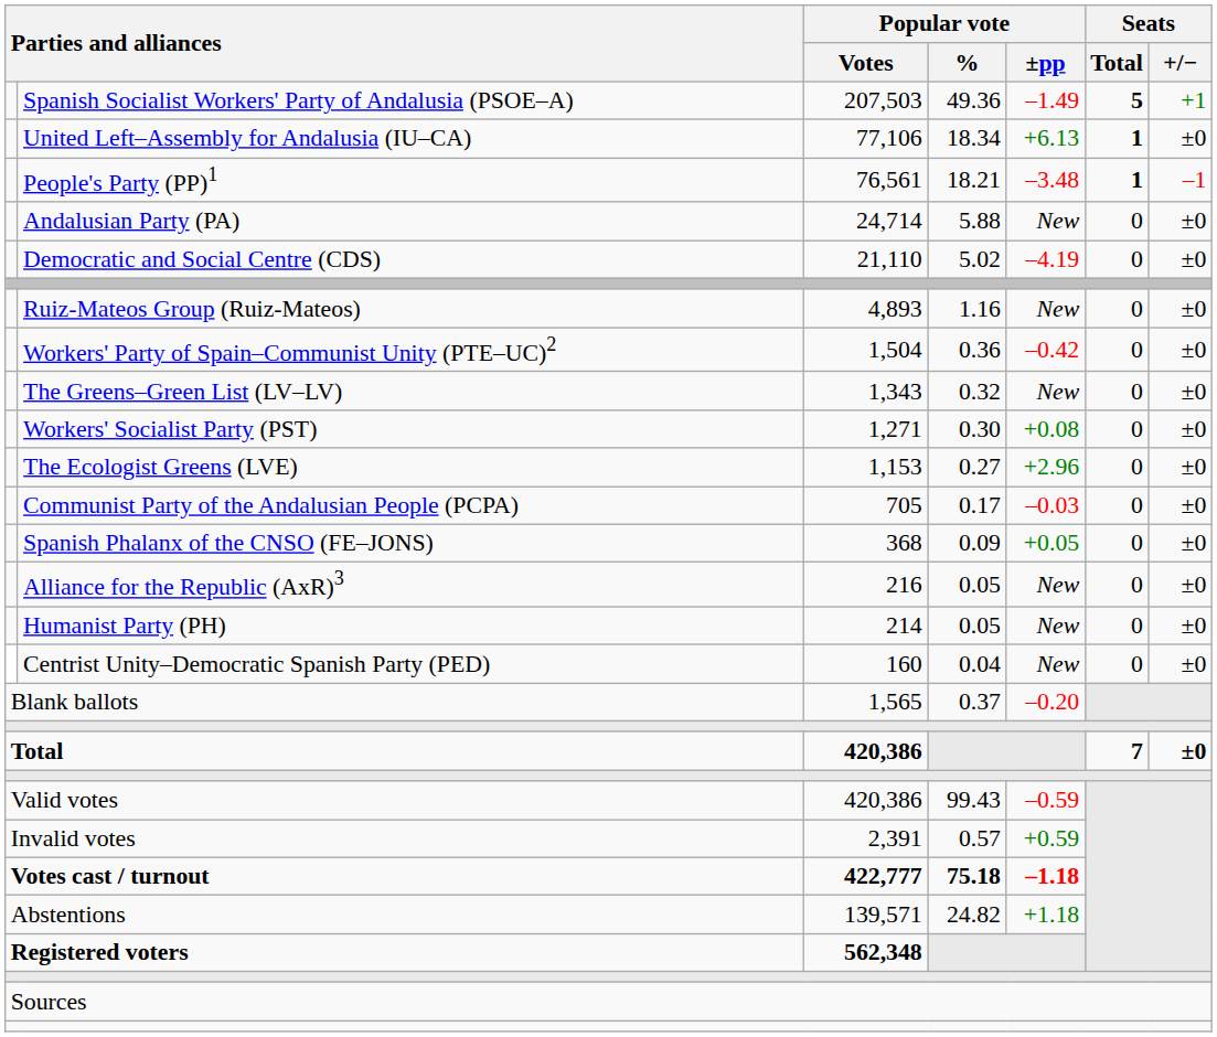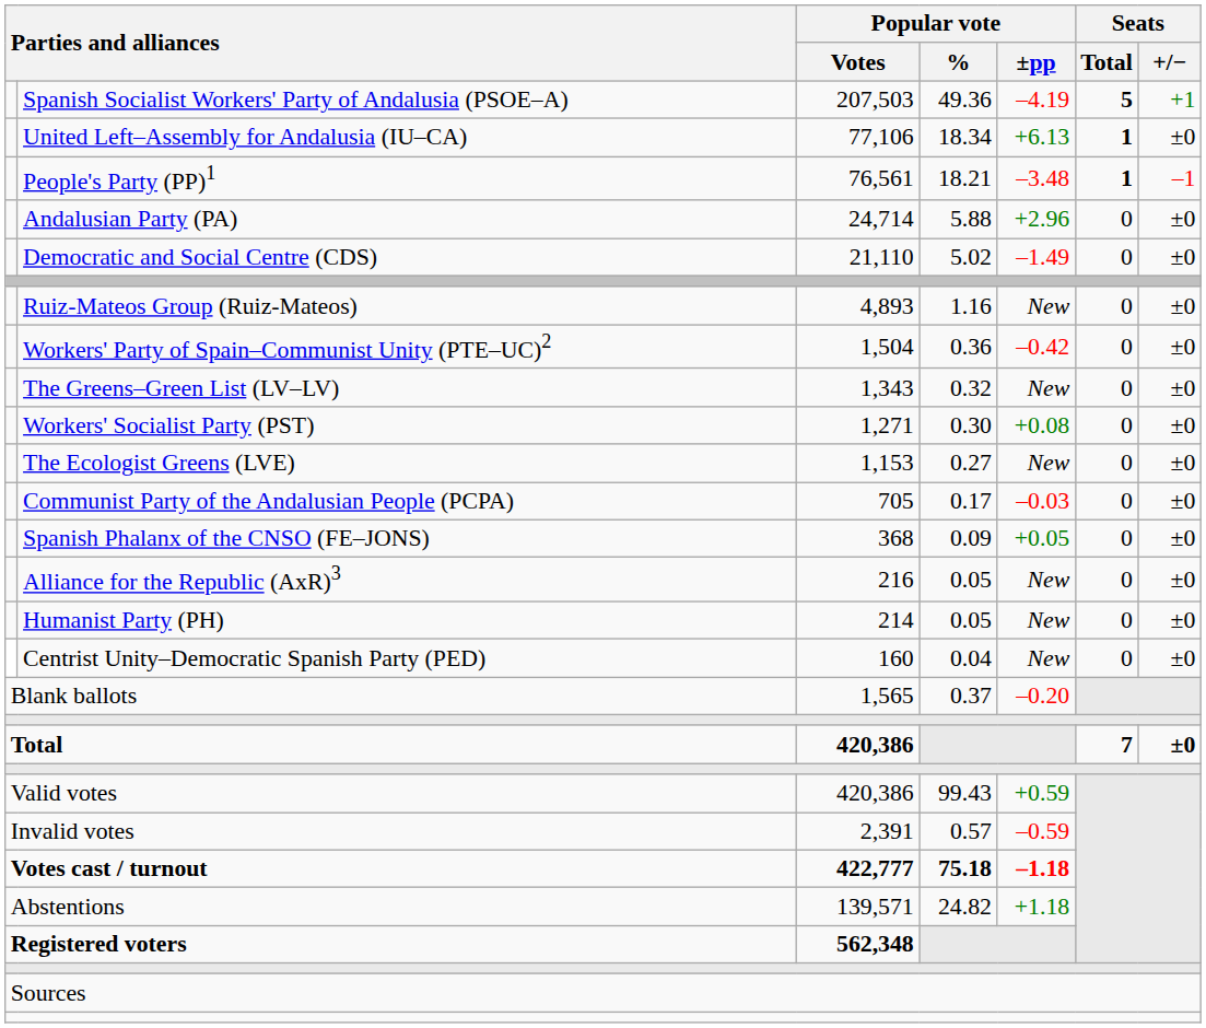 <table class="wikitable" style="text-align:right;">
 <tr>
 <th style="text-align:left;" rowspan="2" colspan="2" width="525">Parties and alliances</th>
 <th colspan="3">Popular vote</th>
 <th colspan="2">Seats</th>
 </tr>
 <tr>
 <th width="75">Votes</th>
 <th width="45">%</th>
 <th width="45">±<a href='#'>pp</a></th>
 <th width="35">Total</th>
 <th width="35">+/−</th>
 </tr>
 <tr>
 <td width="1" style="color:inherit;background:"></td>
 <td align="left"><a href='#'>Spanish Socialist Workers' Party of Andalusia</a> (PSOE–A)</td>
 <td>207,503</td>
 <td>49.36</td>
-<td style="color:red;">–1.49</td>
+<td style="color:red;">–4.19</td>
 <td><strong>5</strong></td>
 <td style="color:green;">+1</td>
 </tr>
 <tr>
 <td style="color:inherit;background:"></td>
 <td align="left"><a href='#'>United Left–Assembly for Andalusia</a> (IU–CA)</td>
 <td>77,106</td>
 <td>18.34</td>
 <td style="color:green;">+6.13</td>
 <td><strong>1</strong></td>
 <td>±0</td>
 </tr>
 <tr>
 <td style="color:inherit;background:"></td>
 <td align="left"><a href='#'>People's Party</a> (PP)<sup>1</sup></td>
 <td>76,561</td>
 <td>18.21</td>
 <td style="color:red;">–3.48</td>
 <td><strong>1</strong></td>
 <td style="color:red;">–1</td>
 </tr>
 <tr>
 <td style="color:inherit;background:"></td>
 <td align="left"><a href='#'>Andalusian Party</a> (PA)</td>
 <td>24,714</td>
 <td>5.88</td>
-<td><em>New</em></td>
+<td style="color:green;">+2.96</td>
 <td>0</td>
 <td>±0</td>
 </tr>
 <tr>
 <td style="color:inherit;background:"></td>
 <td align="left"><a href='#'>Democratic and Social Centre</a> (CDS)</td>
 <td>21,110</td>
 <td>5.02</td>
-<td style="color:red;">–4.19</td>
+<td style="color:red;">–1.49</td>
 <td>0</td>
 <td>±0</td>
 </tr>
 <tr>
 <td colspan="7" bgcolor="#C0C0C0"></td>
 </tr>
 <tr>
 <td style="color:inherit;background:"></td>
 <td align="left"><a href='#'>Ruiz-Mateos Group</a> (Ruiz-Mateos)</td>
 <td>4,893</td>
 <td>1.16</td>
 <td><em>New</em></td>
 <td>0</td>
 <td>±0</td>
 </tr>
 <tr>
 <td style="color:inherit;background:"></td>
 <td align="left"><a href='#'>Workers' Party of Spain–Communist Unity</a> (PTE–UC)<sup>2</sup></td>
 <td>1,504</td>
 <td>0.36</td>
 <td style="color:red;">–0.42</td>
 <td>0</td>
 <td>±0</td>
 </tr>
 <tr>
 <td style="color:inherit;background:"></td>
 <td align="left"><a href='#'>The Greens–Green List</a> (LV–LV)</td>
 <td>1,343</td>
 <td>0.32</td>
 <td><em>New</em></td>
 <td>0</td>
 <td>±0</td>
 </tr>
 <tr>
 <td style="color:inherit;background:"></td>
 <td align="left"><a href='#'>Workers' Socialist Party</a> (PST)</td>
 <td>1,271</td>
 <td>0.30</td>
 <td style="color:green;">+0.08</td>
 <td>0</td>
 <td>±0</td>
 </tr>
 <tr>
 <td style="color:inherit;background:"></td>
 <td align="left"><a href='#'>The Ecologist Greens</a> (LVE)</td>
 <td>1,153</td>
 <td>0.27</td>
-<td style="color:green;">+2.96</td>
+<td><em>New</em></td>
 <td>0</td>
 <td>±0</td>
 </tr>
 <tr>
 <td style="color:inherit;background:"></td>
 <td align="left"><a href='#'>Communist Party of the Andalusian People</a> (PCPA)</td>
 <td>705</td>
 <td>0.17</td>
 <td style="color:red;">–0.03</td>
 <td>0</td>
 <td>±0</td>
 </tr>
 <tr>
 <td style="color:inherit;background:"></td>
 <td align="left"><a href='#'>Spanish Phalanx of the CNSO</a> (FE–JONS)</td>
 <td>368</td>
 <td>0.09</td>
 <td style="color:green;">+0.05</td>
 <td>0</td>
 <td>±0</td>
 </tr>
 <tr>
 <td style="color:inherit;background:"></td>
 <td align="left"><a href='#'>Alliance for the Republic</a> (AxR)<sup>3</sup></td>
 <td>216</td>
 <td>0.05</td>
 <td><em>New</em></td>
 <td>0</td>
 <td>±0</td>
 </tr>
 <tr>
 <td style="color:inherit;background:"></td>
 <td align="left"><a href='#'>Humanist Party</a> (PH)</td>
 <td>214</td>
 <td>0.05</td>
 <td><em>New</em></td>
 <td>0</td>
 <td>±0</td>
 </tr>
 <tr>
 <td bgcolor="white"></td>
 <td align="left">Centrist Unity–Democratic Spanish Party (PED)</td>
 <td>160</td>
 <td>0.04</td>
 <td><em>New</em></td>
 <td>0</td>
 <td>±0</td>
 </tr>
 <tr>
 <td align="left" colspan="2">Blank ballots</td>
 <td>1,565</td>
 <td>0.37</td>
 <td style="color:red;">–0.20</td>
 <td bgcolor="#E9E9E9" colspan="2"></td>
 </tr>
 <tr>
 <td colspan="7" bgcolor="#E9E9E9"></td>
 </tr>
 <tr style="font-weight:bold;">
 <td align="left" colspan="2">Total</td>
 <td>420,386</td>
 <td bgcolor="#E9E9E9" colspan="2"></td>
 <td>7</td>
 <td>±0</td>
 </tr>
 <tr>
 <td colspan="7" bgcolor="#E9E9E9"></td>
 </tr>
 <tr>
 <td align="left" colspan="2">Valid votes</td>
 <td>420,386</td>
 <td>99.43</td>
-<td style="color:red;">–0.59</td>
+<td style="color:green;">+0.59</td>
 <td bgcolor="#E9E9E9" colspan="2" rowspan="5"></td>
 </tr>
 <tr>
 <td align="left" colspan="2">Invalid votes</td>
 <td>2,391</td>
 <td>0.57</td>
-<td style="color:green;">+0.59</td>
+<td style="color:red;">–0.59</td>
 </tr>
 <tr style="font-weight:bold;">
 <td align="left" colspan="2">Votes cast / turnout</td>
 <td>422,777</td>
 <td>75.18</td>
 <td style="color:red;">–1.18</td>
 </tr>
 <tr>
 <td align="left" colspan="2">Abstentions</td>
 <td>139,571</td>
 <td>24.82</td>
 <td style="color:green;">+1.18</td>
 </tr>
 <tr style="font-weight:bold;">
 <td align="left" colspan="2">Registered voters</td>
 <td>562,348</td>
 <td bgcolor="#E9E9E9" colspan="2"></td>
 </tr>
 <tr>
 <td colspan="7" bgcolor="#E9E9E9"></td>
 </tr>
 <tr>
 <td align="left" colspan="7">Sources</td>
 </tr>
 <tr>
 <td colspan="7" style="text-align:left; max-width:790px;"></td>
 </tr>
 </table>
